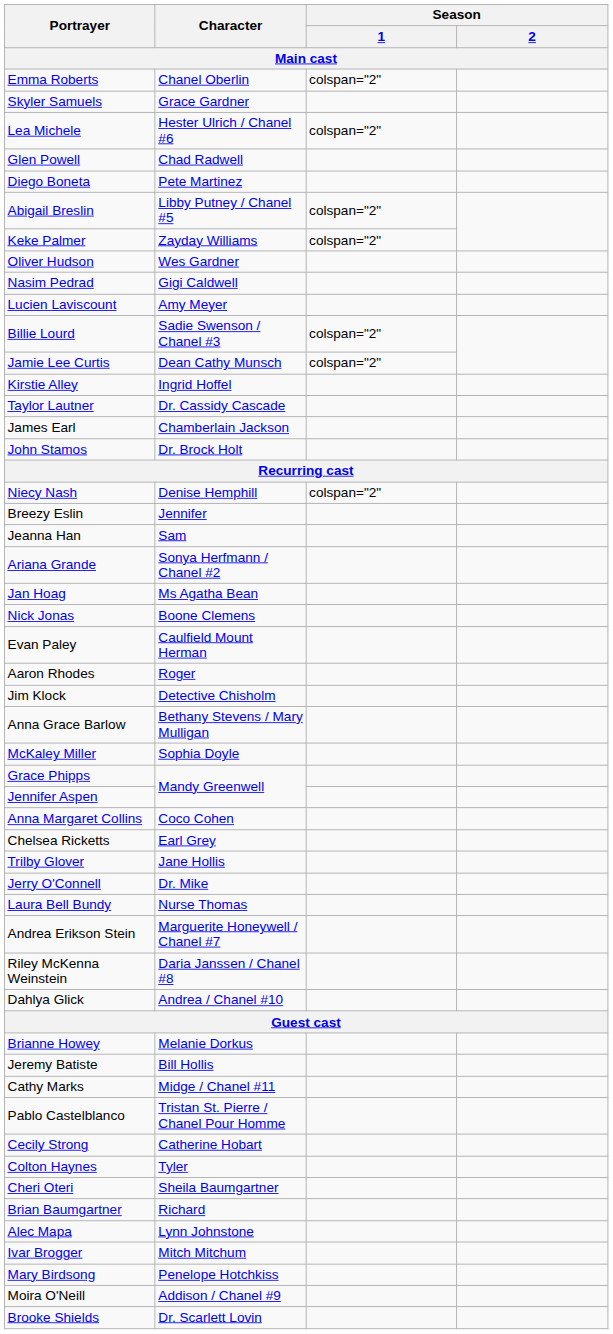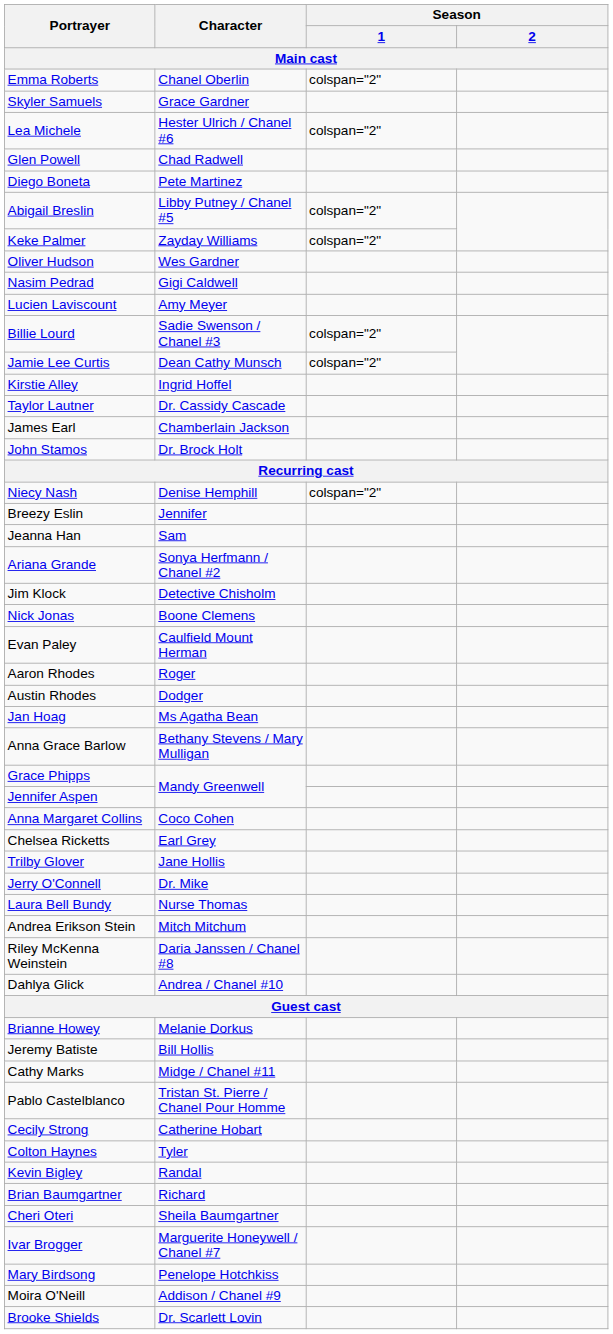 <table class="wikitable">
 <tr>
 <th rowspan="2" style="width:170px;">Portrayer</th>
 <th rowspan="2" style="width:170px;">Character</th>
 <th colspan="2">Season</th>
 </tr>
 <tr>
 <th style="width:170px;"><a href='#'>1</a></th>
 <th style="width:170px;"><a href='#'>2</a></th>
 </tr>
 <tr>
 <th colspan=4><a href='#'>Main cast</a></th>
 </tr>
 <tr>
 <td><a href='#'>Emma Roberts</a></td>
 <td><a href='#'>Chanel Oberlin</a></td>
 <td>colspan="2" </td>
 </tr>
 <tr>
 <td><a href='#'>Skyler Samuels</a></td>
 <td><a href='#'>Grace Gardner</a></td>
 <td></td>
 <td></td>
 </tr>
 <tr>
 <td><a href='#'>Lea Michele</a></td>
 <td><a href='#'>Hester Ulrich / Chanel #6</a></td>
 <td>colspan="2" </td>
 </tr>
 <tr>
 <td><a href='#'>Glen Powell</a></td>
 <td><a href='#'>Chad Radwell</a></td>
 <td></td>
 <td></td>
 </tr>
 <tr>
 <td><a href='#'>Diego Boneta</a></td>
 <td><a href='#'>Pete Martinez</a></td>
 <td></td>
 <td></td>
 </tr>
 <tr>
 <td><a href='#'>Abigail Breslin</a></td>
 <td><a href='#'>Libby Putney / Chanel #5</a></td>
 <td>colspan="2" </td>
 </tr>
 <tr>
 <td><a href='#'>Keke Palmer</a></td>
 <td><a href='#'>Zayday Williams</a></td>
 <td>colspan="2" </td>
 </tr>
 <tr>
 <td><a href='#'>Oliver Hudson</a></td>
 <td><a href='#'>Wes Gardner</a></td>
 <td></td>
 <td></td>
 </tr>
 <tr>
 <td><a href='#'>Nasim Pedrad</a></td>
 <td><a href='#'>Gigi Caldwell</a></td>
 <td></td>
 <td></td>
 </tr>
 <tr>
 <td><a href='#'>Lucien Laviscount</a></td>
 <td><a href='#'>Amy Meyer</a></td>
 <td></td>
 <td></td>
 </tr>
 <tr>
 <td><a href='#'>Billie Lourd</a></td>
 <td><a href='#'>Sadie Swenson / Chanel #3</a></td>
 <td>colspan="2" </td>
 </tr>
 <tr>
 <td><a href='#'>Jamie Lee Curtis</a></td>
 <td><a href='#'>Dean Cathy Munsch</a></td>
 <td>colspan="2" </td>
 </tr>
 <tr>
 <td><a href='#'>Kirstie Alley</a></td>
 <td><a href='#'>Ingrid Hoffel</a></td>
 <td></td>
 <td></td>
 </tr>
 <tr>
 <td><a href='#'>Taylor Lautner</a></td>
 <td><a href='#'>Dr. Cassidy Cascade</a></td>
 <td></td>
 <td></td>
 </tr>
 <tr>
 <td>James Earl</td>
 <td><a href='#'>Chamberlain Jackson</a></td>
 <td></td>
 <td></td>
 </tr>
 <tr>
 <td><a href='#'>John Stamos</a></td>
 <td><a href='#'>Dr. Brock Holt</a></td>
 <td></td>
 <td></td>
 </tr>
 <tr>
 <th colspan=4><a href='#'>Recurring cast</a></th>
 </tr>
 <tr>
 <td><a href='#'>Niecy Nash</a></td>
 <td><a href='#'>Denise Hemphill</a></td>
 <td>colspan="2" </td>
 </tr>
 <tr>
 <td>Breezy Eslin</td>
 <td><a href='#'>Jennifer</a></td>
 <td></td>
 <td></td>
 </tr>
 <tr>
 <td>Jeanna Han</td>
 <td><a href='#'>Sam</a></td>
 <td></td>
 <td></td>
 </tr>
 <tr>
 <td><a href='#'>Ariana Grande</a></td>
 <td><a href='#'>Sonya Herfmann / Chanel #2</a></td>
 <td></td>
 <td></td>
 </tr>
 <tr>
-<td><a href='#'>Jan Hoag</a></td>
-<td><a href='#'>Ms Agatha Bean</a></td>
+<td>Jim Klock</td>
+<td><a href='#'>Detective Chisholm</a></td>
 <td></td>
 <td></td>
 </tr>
 <tr>
 <td><a href='#'>Nick Jonas</a></td>
 <td><a href='#'>Boone Clemens</a></td>
 <td></td>
 <td></td>
 </tr>
 <tr>
 <td>Evan Paley</td>
 <td><a href='#'>Caulfield Mount Herman</a></td>
 <td></td>
 <td></td>
 </tr>
 <tr>
 <td>Aaron Rhodes</td>
 <td><a href='#'>Roger</a></td>
 <td></td>
 <td></td>
 </tr>
 <tr>
-<td>Jim Klock</td>
-<td><a href='#'>Detective Chisholm</a></td>
+<td>Austin Rhodes</td>
+<td><a href='#'>Dodger</a></td>
+<td></td>
+<td></td>
+</tr>
+<tr>
+<td><a href='#'>Jan Hoag</a></td>
+<td><a href='#'>Ms Agatha Bean</a></td>
 <td></td>
 <td></td>
 </tr>
 <tr>
 <td>Anna Grace Barlow</td>
 <td><a href='#'>Bethany Stevens / Mary Mulligan</a></td>
-<td></td>
-<td></td>
-</tr>
-<tr>
-<td><a href='#'>McKaley Miller</a></td>
-<td><a href='#'>Sophia Doyle</a></td>
 <td></td>
 <td></td>
 </tr>
 <tr>
 <td><a href='#'>Grace Phipps</a></td>
 <td rowspan="2"><a href='#'>Mandy Greenwell</a></td>
 <td></td>
 <td></td>
 </tr>
 <tr>
 <td><a href='#'>Jennifer Aspen</a></td>
 <td></td>
 <td></td>
 </tr>
 <tr>
 <td><a href='#'>Anna Margaret Collins</a></td>
 <td><a href='#'>Coco Cohen</a></td>
 <td></td>
 <td></td>
 </tr>
 <tr>
 <td>Chelsea Ricketts</td>
 <td><a href='#'>Earl Grey</a></td>
 <td></td>
 <td></td>
 </tr>
 <tr>
 <td><a href='#'>Trilby Glover</a></td>
 <td><a href='#'>Jane Hollis</a></td>
 <td></td>
 <td></td>
 </tr>
 <tr>
 <td><a href='#'>Jerry O'Connell</a></td>
 <td><a href='#'>Dr. Mike</a></td>
 <td></td>
 <td></td>
 </tr>
 <tr>
 <td><a href='#'>Laura Bell Bundy</a></td>
 <td><a href='#'>Nurse Thomas</a></td>
 <td></td>
 <td></td>
 </tr>
 <tr>
 <td>Andrea Erikson Stein</td>
-<td><a href='#'>Marguerite Honeywell / Chanel #7</a></td>
+<td><a href='#'>Mitch Mitchum</a></td>
 <td></td>
 <td></td>
 </tr>
 <tr>
 <td>Riley McKenna Weinstein</td>
 <td><a href='#'>Daria Janssen / Chanel #8</a></td>
 <td></td>
 <td></td>
 </tr>
 <tr>
 <td>Dahlya Glick</td>
 <td><a href='#'>Andrea / Chanel #10</a></td>
 <td></td>
 <td></td>
 </tr>
 <tr>
 <th colspan="4"><a href='#'>Guest cast</a></th>
 </tr>
 <tr>
 <td><a href='#'>Brianne Howey</a></td>
 <td><a href='#'>Melanie Dorkus</a></td>
 <td></td>
 <td></td>
 </tr>
 <tr>
 <td>Jeremy Batiste</td>
 <td><a href='#'>Bill Hollis</a></td>
 <td></td>
 <td></td>
 </tr>
 <tr>
 <td>Cathy Marks</td>
 <td><a href='#'>Midge / Chanel #11</a></td>
 <td></td>
 <td></td>
 </tr>
 <tr>
 <td>Pablo Castelblanco</td>
 <td><a href='#'>Tristan St. Pierre / Chanel Pour Homme</a></td>
 <td></td>
 <td></td>
 </tr>
 <tr>
 <td><a href='#'>Cecily Strong</a></td>
 <td><a href='#'>Catherine Hobart</a></td>
 <td></td>
 <td></td>
 </tr>
 <tr>
 <td><a href='#'>Colton Haynes</a></td>
 <td><a href='#'>Tyler</a></td>
 <td></td>
 <td></td>
 </tr>
 <tr>
-<td><a href='#'>Cheri Oteri</a></td>
-<td><a href='#'>Sheila Baumgartner</a></td>
+<td><a href='#'>Kevin Bigley</a></td>
+<td><a href='#'>Randal</a></td>
 <td></td>
 <td></td>
 </tr>
 <tr>
 <td><a href='#'>Brian Baumgartner</a></td>
 <td><a href='#'>Richard</a></td>
 <td></td>
 <td></td>
 </tr>
 <tr>
-<td><a href='#'>Alec Mapa</a></td>
-<td><a href='#'>Lynn Johnstone</a></td>
+<td><a href='#'>Cheri Oteri</a></td>
+<td><a href='#'>Sheila Baumgartner</a></td>
 <td></td>
 <td></td>
 </tr>
 <tr>
 <td><a href='#'>Ivar Brogger</a></td>
-<td><a href='#'>Mitch Mitchum</a></td>
+<td><a href='#'>Marguerite Honeywell / Chanel #7</a></td>
 <td></td>
 <td></td>
 </tr>
 <tr>
 <td><a href='#'>Mary Birdsong</a></td>
 <td><a href='#'>Penelope Hotchkiss</a></td>
 <td></td>
 <td></td>
 </tr>
 <tr>
 <td>Moira O'Neill</td>
 <td><a href='#'>Addison / Chanel #9</a></td>
 <td></td>
 <td></td>
 </tr>
 <tr>
 <td><a href='#'>Brooke Shields</a></td>
 <td><a href='#'>Dr. Scarlett Lovin</a></td>
 <td></td>
 <td></td>
 </tr>
 </table>
